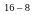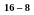 <table style="text-align:center">
 <tr>
 <th width=200></th>
 <th width=100></th>
 <th width=200></th>
 </tr>
 <tr>
 <td align=right><strong></strong></td>
-<td>16 – 8</td>
+<td><strong>16 – 8</strong></td>
 <td align=left></td>
 </tr>
 </table>
